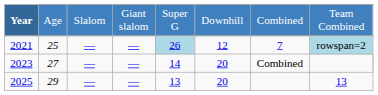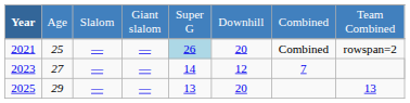 <table class="wikitable" style="font-size:95%; text-align:center; border:grey solid 1px; border-collapse:collapse;" width="40%">
 <tr style="background-color:#369; color:white;">
 <td rowspan="2" colspan="1" width="4%"><strong>Year</strong></td>
 </tr>
 <tr style="background-color:#4180be; color:white;">
 <td width="3%">Age</td>
 <td width="5%">Slalom</td>
 <td width="5%">Giant<br>slalom</td>
 <td width="5%">Super G</td>
 <td width="5%">Downhill</td>
 <td width="5%">Combined</td>
 <td width="5%">Team<br>Combined</td>
 </tr>
 <tr style="background-color:#8CB2D8; color:white;">
 </tr>
 <tr>
 <td><a href='#'>2021</a></td>
 <td><em>25</em></td>
 <td><a href='#'>—</a></td>
 <td><a href='#'>—</a></td>
 <td style="background: lightblue;"><a href='#'>26</a></td>
-<td><a href='#'>12</a></td>
-<td><a href='#'>7</a></td>
-<td style="background: lightblue;">rowspan=2</td>
+<td><a href='#'>20</a></td>
+<td width="5%">Combined</td>
+<td>rowspan=2</td>
 </tr>
 <tr>
 <td><a href='#'>2023</a></td>
 <td><em>27</em></td>
 <td><a href='#'>—</a></td>
 <td><a href='#'>—</a></td>
 <td><a href='#'>14</a></td>
-<td><a href='#'>20</a></td>
-<td width="5%">Combined</td>
+<td><a href='#'>12</a></td>
+<td><a href='#'>7</a></td>
 </tr>
 <tr>
 <td><a href='#'>2025</a></td>
 <td><em>29</em></td>
 <td><a href='#'>—</a></td>
 <td><a href='#'>—</a></td>
 <td><a href='#'>13</a></td>
 <td><a href='#'>20</a></td>
 <td></td>
 <td><a href='#'>13</a></td>
 </tr>
 </table>
